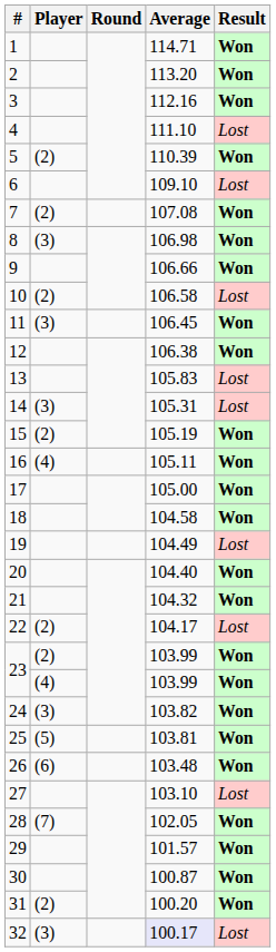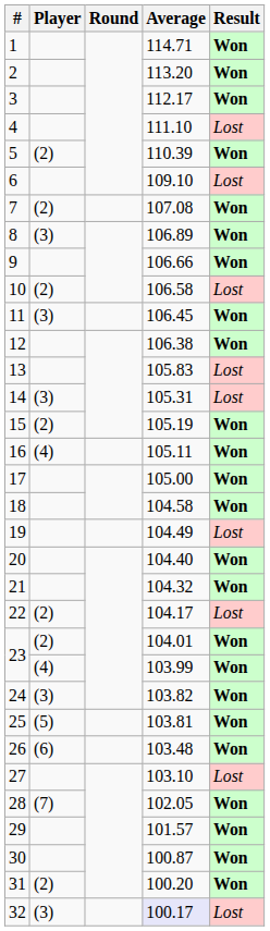 <table class ="wikitable sortable">
 <tr>
 <th>#</th>
 <th>Player</th>
 <th>Round</th>
 <th>Average</th>
 <th>Result</th>
 </tr>
 <tr>
 <td>1</td>
 <td></td>
 <td Rowspan=6></td>
 <td>114.71</td>
 <td style="background:#CCFFCC;"><strong>Won</strong></td>
 </tr>
 <tr>
 <td>2</td>
 <td></td>
 <td>113.20</td>
 <td style="background:#CCFFCC;"><strong>Won</strong></td>
 </tr>
 <tr>
 <td>3</td>
 <td></td>
-<td>112.16</td>
+<td>112.17</td>
 <td style="background:#CCFFCC;"><strong>Won</strong></td>
 </tr>
 <tr>
 <td>4</td>
 <td></td>
 <td>111.10</td>
 <td style="background:#FFccCC;"><em>Lost</em></td>
 </tr>
 <tr>
 <td>5</td>
 <td>(2)</td>
 <td>110.39</td>
 <td style="background:#CCFFCC;"><strong>Won</strong></td>
 </tr>
 <tr>
 <td>6</td>
 <td></td>
 <td>109.10</td>
 <td style="background:#FFccCC;"><em>Lost</em></td>
 </tr>
 <tr>
 <td>7</td>
 <td>(2)</td>
 <td></td>
 <td>107.08</td>
 <td style="background:#CCFFCC;"><strong>Won</strong></td>
 </tr>
 <tr>
 <td>8</td>
 <td>(3)</td>
 <td rowspan="3"></td>
-<td>106.98</td>
+<td>106.89</td>
 <td style="background:#CCFFCC;"><strong>Won</strong></td>
 </tr>
 <tr>
 <td>9</td>
 <td></td>
 <td>106.66</td>
 <td style="background:#CCFFCC;"><strong>Won</strong></td>
 </tr>
 <tr>
 <td>10</td>
 <td>(2)</td>
 <td>106.58</td>
 <td style="background:#FFccCC;"><em>Lost</em></td>
 </tr>
 <tr>
 <td>11</td>
 <td>(3)</td>
 <td></td>
 <td>106.45</td>
 <td style="background:#CCFFCC;"><strong>Won</strong></td>
 </tr>
 <tr>
 <td>12</td>
 <td></td>
 <td rowspan=4></td>
 <td>106.38</td>
 <td style="background:#CCFFCC;"><strong>Won</strong></td>
 </tr>
 <tr>
 <td>13</td>
 <td></td>
 <td>105.83</td>
 <td style="background:#FFccCC;"><em>Lost</em></td>
 </tr>
 <tr>
 <td>14</td>
 <td>(3)</td>
 <td>105.31</td>
 <td style="background:#FFccCC;"><em>Lost</em></td>
 </tr>
 <tr>
 <td>15</td>
 <td>(2)</td>
 <td>105.19</td>
 <td style="background:#CCFFCC;"><strong>Won</strong></td>
 </tr>
 <tr>
 <td>16</td>
 <td>(4)</td>
 <td></td>
 <td>105.11</td>
 <td style="background:#CCFFCC;"><strong>Won</strong></td>
 </tr>
 <tr>
 <td>17</td>
 <td></td>
 <td rowspan="2"></td>
 <td>105.00</td>
 <td style="background:#CCFFCC;"><strong>Won</strong></td>
 </tr>
 <tr>
 <td>18</td>
 <td></td>
 <td>104.58</td>
 <td style="background:#CCFFCC;"><strong>Won</strong></td>
 </tr>
 <tr>
 <td>19</td>
 <td></td>
 <td></td>
 <td>104.49</td>
 <td style="background:#FFccCC;"><em>Lost</em></td>
 </tr>
 <tr>
 <td>20</td>
 <td></td>
 <td rowspan="6"></td>
 <td>104.40</td>
 <td style="background:#ccffCC;"><strong>Won</strong></td>
 </tr>
 <tr>
 <td>21</td>
 <td></td>
 <td>104.32</td>
 <td style="background:#CCFFCC;"><strong>Won</strong></td>
 </tr>
 <tr>
 <td>22</td>
 <td>(2)</td>
 <td>104.17</td>
 <td style="background:#FFccCC;"><em>Lost</em></td>
 </tr>
 <tr>
 <td rowspan="2">23</td>
 <td>(2)</td>
-<td>103.99</td>
+<td>104.01</td>
 <td style="background:#CCFFCC;"><strong>Won</strong></td>
 </tr>
 <tr>
 <td>(4)</td>
 <td>103.99</td>
 <td style="background:#CCFFCC;"><strong>Won</strong></td>
 </tr>
 <tr>
 <td>24</td>
 <td>(3)</td>
 <td>103.82</td>
 <td style="background:#CCFFCC;"><strong>Won</strong></td>
 </tr>
 <tr>
 <td>25</td>
 <td>(5)</td>
 <td></td>
 <td>103.81</td>
 <td style="background:#CCFFCC;"><strong>Won</strong></td>
 </tr>
 <tr>
 <td>26</td>
 <td>(6)</td>
 <td></td>
 <td>103.48</td>
 <td style="background:#CCFFCC;"><strong>Won</strong></td>
 </tr>
 <tr>
 <td>27</td>
 <td></td>
 <td rowspan="5"></td>
 <td>103.10</td>
 <td style="background:#FFccCC;"><em>Lost</em></td>
 </tr>
 <tr>
 <td>28</td>
 <td>(7)</td>
 <td>102.05</td>
 <td style="background:#CCFFCC;"><strong>Won</strong></td>
 </tr>
 <tr>
 <td>29</td>
 <td></td>
 <td>101.57</td>
 <td style="background:#CCFFCC;"><strong>Won</strong></td>
 </tr>
 <tr>
 <td>30</td>
 <td></td>
 <td>100.87</td>
 <td style="background:#CCFFCC;"><strong>Won</strong></td>
 </tr>
 <tr>
 <td>31</td>
 <td>(2)</td>
 <td>100.20</td>
 <td style="background:#CCFFCC;"><strong>Won</strong></td>
 </tr>
 <tr>
 <td>32</td>
 <td>(3)</td>
 <td></td>
 <td style="background: lavender;">100.17</td>
 <td style="background:#FFccCC"><em>Lost</em></td>
 </tr>
 </table>
